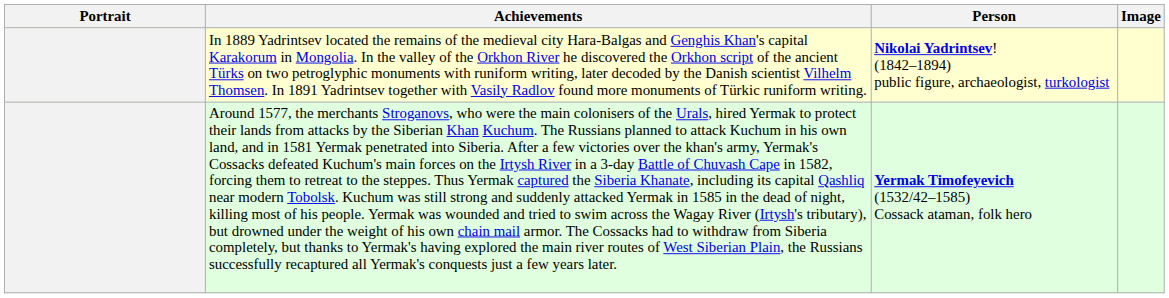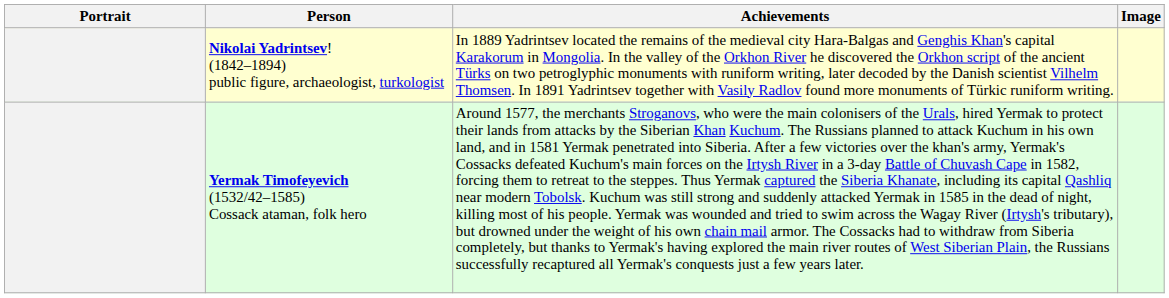 <table class="wikitable">
 <tr style="background:#ccc;">
 <th scope="col" width=18%>Portrait</th>
+<th scope="col" width=22%>Person</th>
 <th scope="col" width=60%>Achievements</th>
-<th scope="col" width=22%>Person</th>
 <th scope="col">Image</th>
 </tr>
 <tr style="background:#ffffd0;">
 <th scope="row" align=center></th>
+<td><strong><a href='#'>Nikolai Yadrintsev</a></strong>!<br>(1842–1894)<br>public figure, archaeologist, <a href='#'>turkologist</a></td>
 <td>In 1889 Yadrintsev located the remains of the medieval city Hara-Balgas and <a href='#'>Genghis Khan</a>'s capital <a href='#'>Karakorum</a> in <a href='#'>Mongolia</a>. In the valley of the <a href='#'>Orkhon River</a> he discovered the <a href='#'>Orkhon script</a> of the ancient <a href='#'>Türks</a> on two petroglyphic monuments with runiform writing, later decoded by the Danish scientist <a href='#'>Vilhelm Thomsen</a>. In 1891 Yadrintsev together with <a href='#'>Vasily Radlov</a> found more monuments of Türkic runiform writing.</td>
-<td><strong><a href='#'>Nikolai Yadrintsev</a></strong>!<br>(1842–1894)<br>public figure, archaeologist, <a href='#'>turkologist</a></td>
 <td align=center></td>
 </tr>
 <tr style="background:#dfffdf;">
 <th scope="row" align=center></th>
+<td><strong><a href='#'>Yermak Timofeyevich</a></strong><br> (1532/42–1585)<br>Cossack ataman, folk hero</td>
 <td>Around 1577, the merchants <a href='#'>Stroganovs</a>, who were the main colonisers of the <a href='#'>Urals</a>, hired Yermak to protect their lands from attacks by the Siberian <a href='#'>Khan</a> <a href='#'>Kuchum</a>. The Russians planned to attack Kuchum in his own land, and in 1581 Yermak penetrated into Siberia. After a few victories over the khan's army, Yermak's Cossacks defeated Kuchum's main forces on the <a href='#'>Irtysh River</a> in a 3-day <a href='#'>Battle of Chuvash Cape</a> in 1582, forcing them to retreat to the steppes. Thus Yermak <a href='#'>captured</a> the <a href='#'>Siberia Khanate</a>, including its capital <a href='#'>Qashliq</a> near modern <a href='#'>Tobolsk</a>. Kuchum was still strong and suddenly attacked Yermak in 1585 in the dead of night, killing most of his people. Yermak was wounded and tried to swim across the Wagay River (<a href='#'>Irtysh</a>'s tributary), but drowned under the weight of his own <a href='#'>chain mail</a> armor. The Cossacks had to withdraw from Siberia completely, but thanks to Yermak's having explored the main river routes of <a href='#'>West Siberian Plain</a>, the Russians successfully recaptured all Yermak's conquests just a few years later.<br><br></td>
-<td><strong><a href='#'>Yermak Timofeyevich</a></strong><br> (1532/42–1585)<br>Cossack ataman, folk hero</td>
 <td align=center></td>
 </tr>
 </table>
